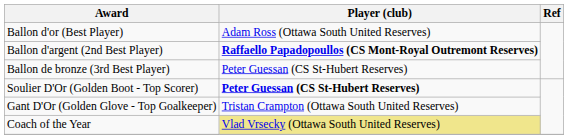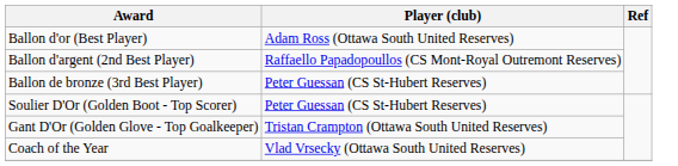 <table class="wikitable">
 <tr>
 <th>Award</th>
 <th>Player (club)</th>
 <th>Ref</th>
 </tr>
 <tr>
 <td>Ballon d'or (Best Player)</td>
 <td><a href='#'>Adam Ross</a> (Ottawa South United Reserves)</td>
 <td rowspan=3></td>
 </tr>
 <tr>
 <td>Ballon d'argent (2nd Best Player)</td>
-<td><strong><a href='#'>Raffaello Papadopoullos</a> (CS Mont-Royal Outremont Reserves)</strong></td>
+<td><a href='#'>Raffaello Papadopoullos</a> (CS Mont-Royal Outremont Reserves)</td>
 </tr>
 <tr>
 <td>Ballon de bronze (3rd Best Player)</td>
 <td><a href='#'>Peter Guessan</a> (CS St-Hubert Reserves)</td>
 </tr>
 <tr>
 <td>Soulier D'Or (Golden Boot - Top Scorer)</td>
-<td><strong><a href='#'>Peter Guessan</a> (CS St-Hubert Reserves)</strong></td>
+<td><a href='#'>Peter Guessan</a> (CS St-Hubert Reserves)</td>
 <td rowspan=3></td>
 </tr>
 <tr>
 <td>Gant D'Or (Golden Glove - Top Goalkeeper)</td>
 <td><a href='#'>Tristan Crampton</a> (Ottawa South United Reserves)</td>
 </tr>
 <tr>
 <td>Coach of the Year</td>
-<td style="background: khaki;"><a href='#'>Vlad Vrsecky</a> (Ottawa South United Reserves)</td>
+<td><a href='#'>Vlad Vrsecky</a> (Ottawa South United Reserves)</td>
 </tr>
 <tr>
 </tr>
 </table>
